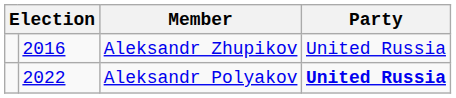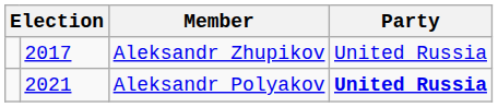 <table class="wikitable">
 <tr>
 <th colspan="2">Election</th>
 <th>Member</th>
 <th>Party</th>
 </tr>
 <tr>
 <td style="background-color: "></td>
-<td><a href='#'>2016</a></td>
+<td><a href='#'>2017</a></td>
 <td><a href='#'>Aleksandr Zhupikov</a></td>
 <td><a href='#'>United Russia</a></td>
 </tr>
 <tr>
 <td style="background-color: "></td>
-<td><a href='#'>2022</a></td>
+<td><a href='#'>2021</a></td>
 <td><a href='#'>Aleksandr Polyakov</a></td>
 <td><strong><a href='#'>United Russia</a></strong></td>
 </tr>
 </table>
